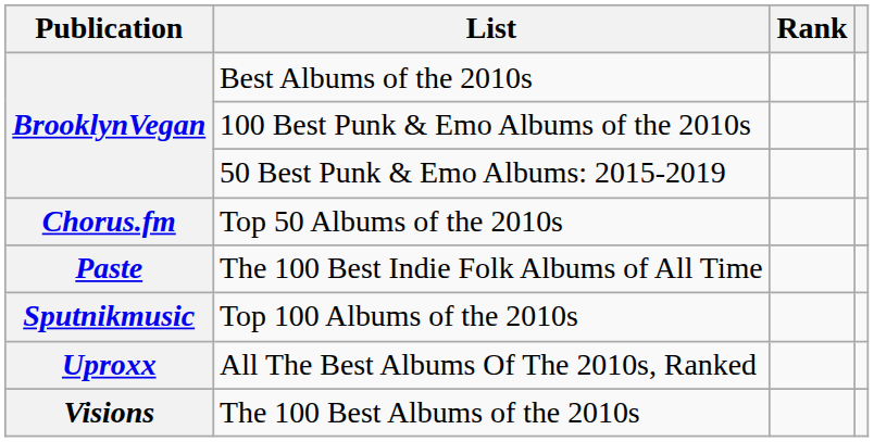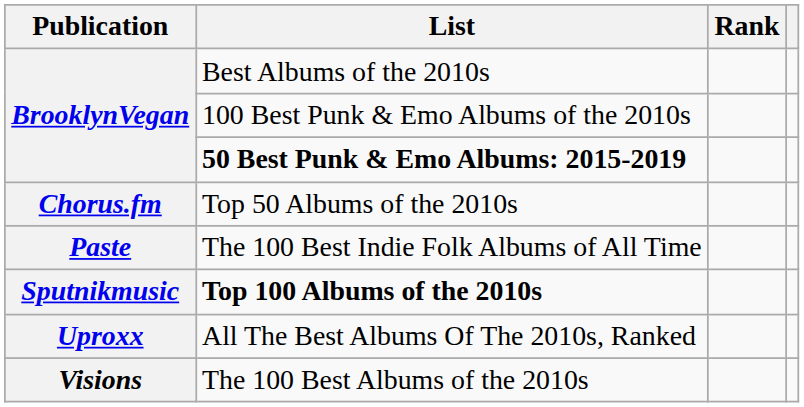 <table class="sortable wikitable plainrowheaders sortable">
 <tr>
 <th>Publication</th>
 <th>List</th>
 <th>Rank</th>
 <th class="unsortable"></th>
 </tr>
 <tr>
 <th scope="row" rowspan="3"><em><a href='#'>BrooklynVegan</a></em></th>
 <td>Best Albums of the 2010s</td>
 <td></td>
 <td></td>
 </tr>
 <tr>
 <td>100 Best Punk & Emo Albums of the 2010s</td>
 <td></td>
 <td></td>
 </tr>
 <tr>
-<td>50 Best Punk & Emo Albums: 2015-2019</td>
+<td><strong>50 Best Punk & Emo Albums: 2015-2019</strong></td>
 <td></td>
 <td></td>
 </tr>
 <tr>
 <th scope="row"><em><a href='#'>Chorus.fm</a></em></th>
 <td>Top 50 Albums of the 2010s</td>
 <td></td>
 <td></td>
 </tr>
 <tr>
 <th scope="row"><em><a href='#'>Paste</a></em></th>
 <td>The 100 Best Indie Folk Albums of All Time</td>
 <td></td>
 <td></td>
 </tr>
 <tr>
 <th scope="row"><em><a href='#'>Sputnikmusic</a></em></th>
-<td>Top 100 Albums of the 2010s</td>
+<td><strong>Top 100 Albums of the 2010s</strong></td>
 <td></td>
 <td></td>
 </tr>
 <tr>
 <th scope="row"><em><a href='#'>Uproxx</a></em></th>
 <td>All The Best Albums Of The 2010s, Ranked</td>
 <td></td>
 <td></td>
 </tr>
 <tr>
 <th scope="row"><em>Visions</em></th>
 <td>The 100 Best Albums of the 2010s</td>
 <td></td>
 <td></td>
 </tr>
 </table>
